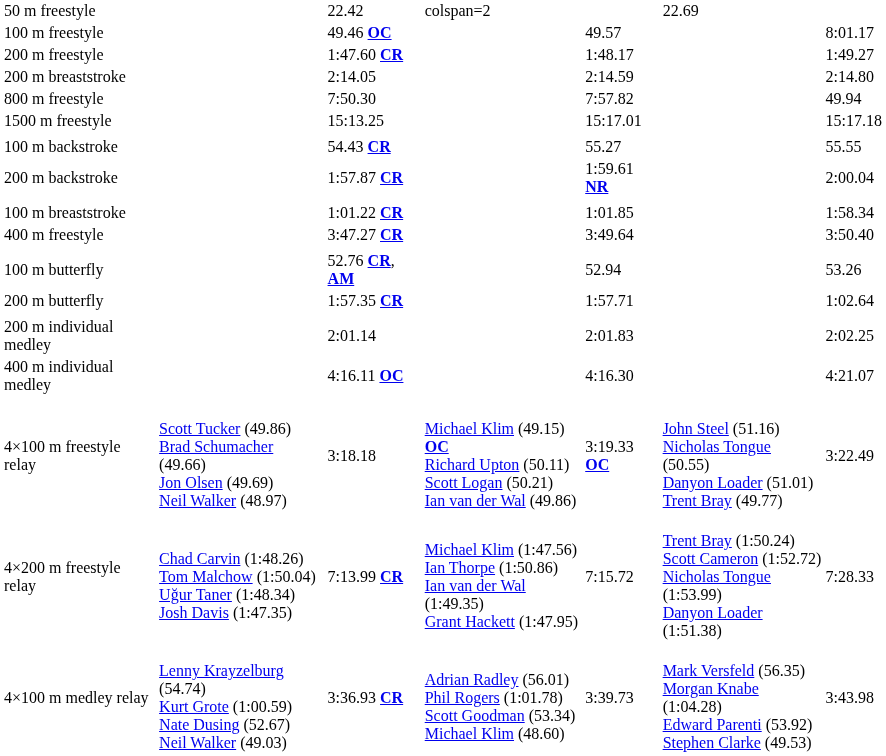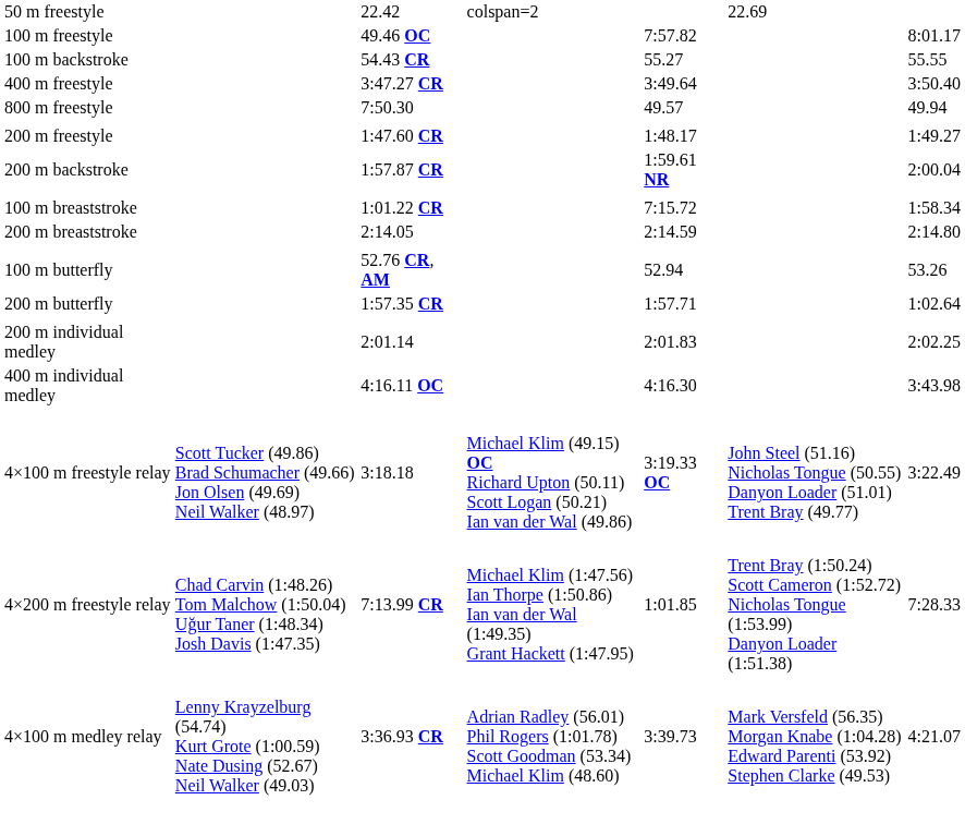 <table>
 <tr>
 <td>50 m freestyle <br></td>
 <td><br></td>
 <td>22.42</td>
 <td>colspan=2 </td>
 <td></td>
 <td>22.69</td>
 </tr>
 <tr>
 <td>100 m freestyle <br></td>
 <td></td>
 <td>49.46 <strong><a href='#'>OC</a></strong></td>
 <td></td>
-<td>49.57</td>
+<td>7:57.82</td>
 <td></td>
 <td>8:01.17</td>
 </tr>
 <tr>
-<td>200 m freestyle <br></td>
+<td>100 m backstroke <br></td>
 <td></td>
-<td>1:47.60 <strong><a href='#'>CR</a></strong></td>
+<td>54.43 <strong><a href='#'>CR</a></strong></td>
 <td></td>
-<td>1:48.17</td>
+<td>55.27</td>
 <td></td>
-<td>1:49.27</td>
+<td>55.55</td>
 </tr>
 <tr>
-<td>200 m breaststroke <br></td>
+<td>400 m freestyle <br></td>
 <td></td>
-<td>2:14.05</td>
+<td>3:47.27 <strong><a href='#'>CR</a></strong></td>
 <td></td>
-<td>2:14.59</td>
+<td>3:49.64</td>
 <td></td>
-<td>2:14.80</td>
+<td>3:50.40</td>
 </tr>
 <tr>
 <td>800 m freestyle <br></td>
 <td></td>
 <td>7:50.30</td>
 <td></td>
-<td>7:57.82</td>
+<td>49.57</td>
 <td></td>
 <td>49.94</td>
-</tr>
-<tr>
-<td>1500 m freestyle <br></td>
-<td></td>
-<td>15:13.25</td>
-<td></td>
-<td>15:17.01</td>
-<td></td>
-<td>15:17.18</td>
 </tr>
 <tr>
 <td></td>
 <td></td>
 <td></td>
 <td></td>
 <td></td>
 <td></td>
 <td></td>
 </tr>
 <tr>
-<td>100 m backstroke <br></td>
+<td>200 m freestyle <br></td>
 <td></td>
-<td>54.43 <strong><a href='#'>CR</a></strong></td>
+<td>1:47.60 <strong><a href='#'>CR</a></strong></td>
 <td></td>
-<td>55.27</td>
+<td>1:48.17</td>
 <td></td>
-<td>55.55</td>
+<td>1:49.27</td>
 </tr>
 <tr>
 <td>200 m backstroke <br></td>
 <td></td>
 <td>1:57.87 <strong><a href='#'>CR</a></strong></td>
 <td></td>
 <td>1:59.61 <strong><a href='#'>NR</a></strong></td>
 <td></td>
 <td>2:00.04</td>
 </tr>
 <tr>
 <td></td>
 <td></td>
 <td></td>
 <td></td>
 <td></td>
 <td></td>
 <td></td>
 </tr>
 <tr>
 <td>100 m breaststroke <br></td>
 <td></td>
 <td>1:01.22 <strong><a href='#'>CR</a></strong></td>
 <td></td>
-<td>1:01.85</td>
+<td>7:15.72</td>
 <td></td>
 <td>1:58.34</td>
 </tr>
 <tr>
-<td>400 m freestyle <br></td>
+<td>200 m breaststroke <br></td>
 <td></td>
-<td>3:47.27 <strong><a href='#'>CR</a></strong></td>
+<td>2:14.05</td>
 <td></td>
-<td>3:49.64</td>
+<td>2:14.59</td>
 <td></td>
-<td>3:50.40</td>
+<td>2:14.80</td>
 </tr>
 <tr>
 <td></td>
 <td></td>
 <td></td>
 <td></td>
 <td></td>
 <td></td>
 <td></td>
 </tr>
 <tr>
 <td>100 m butterfly <br></td>
 <td></td>
 <td>52.76 <strong><a href='#'>CR</a></strong>, <strong><a href='#'>AM</a></strong></td>
 <td></td>
 <td>52.94</td>
 <td></td>
 <td>53.26</td>
 </tr>
 <tr>
 <td>200 m butterfly <br></td>
 <td></td>
 <td>1:57.35 <strong><a href='#'>CR</a></strong></td>
 <td></td>
 <td>1:57.71</td>
 <td></td>
 <td>1:02.64</td>
 </tr>
 <tr>
 <td></td>
 <td></td>
 <td></td>
 <td></td>
 <td></td>
 <td></td>
 <td></td>
 </tr>
 <tr>
 <td>200 m individual medley <br></td>
 <td></td>
 <td>2:01.14</td>
 <td></td>
 <td>2:01.83</td>
 <td></td>
 <td>2:02.25</td>
 </tr>
 <tr>
 <td>400 m individual medley <br></td>
 <td></td>
 <td>4:16.11 <strong><a href='#'>OC</a></strong></td>
 <td></td>
 <td>4:16.30</td>
 <td></td>
-<td>4:21.07</td>
+<td>3:43.98</td>
 </tr>
 <tr>
 <td></td>
 <td></td>
 <td></td>
 <td></td>
 <td></td>
 <td></td>
 <td></td>
 </tr>
 <tr>
 <td>4×100 m freestyle relay <br></td>
 <td><br><a href='#'>Scott Tucker</a> (49.86)<br><a href='#'>Brad Schumacher</a> (49.66)<br><a href='#'>Jon Olsen</a> (49.69)<br><a href='#'>Neil Walker</a> (48.97)</td>
 <td>3:18.18</td>
 <td><br><a href='#'>Michael Klim</a> (49.15) <strong><a href='#'>OC</a></strong><br><a href='#'>Richard Upton</a> (50.11)<br><a href='#'>Scott Logan</a> (50.21)<br><a href='#'>Ian van der Wal</a> (49.86)</td>
 <td>3:19.33<br><strong><a href='#'>OC</a></strong></td>
 <td><br><a href='#'>John Steel</a> (51.16)<br><a href='#'>Nicholas Tongue</a> (50.55)<br><a href='#'>Danyon Loader</a> (51.01)<br><a href='#'>Trent Bray</a> (49.77)</td>
 <td>3:22.49</td>
 </tr>
 <tr>
 <td>4×200 m freestyle relay <br></td>
 <td><br><a href='#'>Chad Carvin</a> (1:48.26)<br><a href='#'>Tom Malchow</a> (1:50.04)<br><a href='#'>Uğur Taner</a> (1:48.34)<br><a href='#'>Josh Davis</a> (1:47.35)</td>
 <td>7:13.99 <strong><a href='#'>CR</a></strong></td>
 <td><br><a href='#'>Michael Klim</a> (1:47.56)<br><a href='#'>Ian Thorpe</a> (1:50.86)<br><a href='#'>Ian van der Wal</a> (1:49.35)<br><a href='#'>Grant Hackett</a> (1:47.95)</td>
-<td>7:15.72</td>
+<td>1:01.85</td>
 <td><br><a href='#'>Trent Bray</a> (1:50.24)<br><a href='#'>Scott Cameron</a> (1:52.72)<br><a href='#'>Nicholas Tongue</a> (1:53.99)<br><a href='#'>Danyon Loader</a> (1:51.38)</td>
 <td>7:28.33</td>
 </tr>
 <tr>
 <td>4×100 m medley relay <br></td>
 <td><br><a href='#'>Lenny Krayzelburg</a> (54.74)<br><a href='#'>Kurt Grote</a> (1:00.59)<br><a href='#'>Nate Dusing</a> (52.67)<br><a href='#'>Neil Walker</a> (49.03)</td>
 <td>3:36.93 <strong><a href='#'>CR</a></strong></td>
 <td><br><a href='#'>Adrian Radley</a> (56.01)<br><a href='#'>Phil Rogers</a> (1:01.78)<br><a href='#'>Scott Goodman</a> (53.34)<br><a href='#'>Michael Klim</a> (48.60)</td>
 <td>3:39.73</td>
 <td><br><a href='#'>Mark Versfeld</a> (56.35)<br><a href='#'>Morgan Knabe</a> (1:04.28)<br><a href='#'>Edward Parenti</a> (53.92)<br><a href='#'>Stephen Clarke</a> (49.53)</td>
-<td>3:43.98</td>
+<td>4:21.07</td>
 </tr>
 </table>
